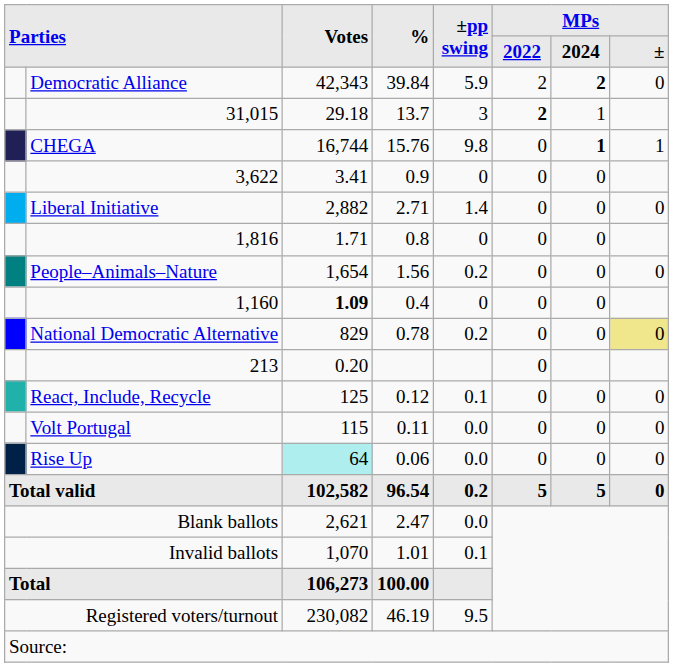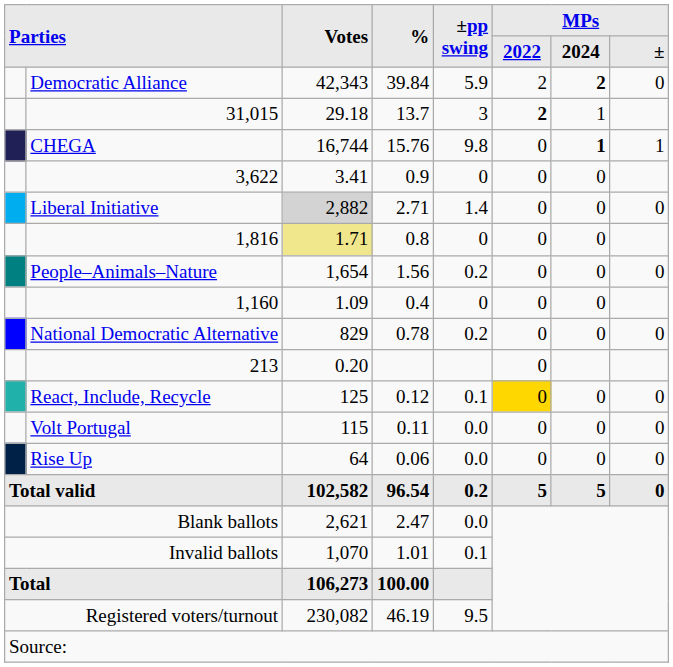 <table class="wikitable" style="text-align:right; font-size:95%;">
 <tr>
 <th rowspan="2" colspan="2" style="background:#e9e9e9; text-align:left;" alignleft><a href='#'>Parties</a></th>
 <th rowspan="2" style="background:#e9e9e9; text-align:right;">Votes</th>
 <th rowspan="2" style="background:#e9e9e9; text-align:right;">%</th>
 <th rowspan="2" style="background:#e9e9e9; text-align:right;">±<a href='#'>pp</a> <a href='#'>swing</a></th>
 <th colspan="3" style="background:#e9e9e9; text-align:center;"><a href='#'>MPs</a></th>
 </tr>
 <tr style="background-color:#E9E9E9">
 <th style="background-color:#E9E9E9;text-align:center;"><a href='#'>2022</a></th>
 <th style="background-color:#E9E9E9;text-align:center;">2024</th>
 <th style="background:#e9e9e9; text-align:right;">±</th>
 </tr>
 <tr>
 <td style="width: 10px"></td>
 <td align="left"><a href='#'>Democratic Alliance</a> </td>
 <td>42,343</td>
 <td>39.84</td>
 <td>5.9</td>
 <td>2</td>
 <td><strong>2</strong></td>
 <td>0</td>
 </tr>
 <tr>
 <td></td>
 <td>31,015</td>
 <td>29.18</td>
 <td>13.7</td>
 <td>3</td>
 <td><strong>2</strong></td>
 <td>1</td>
 </tr>
 <tr>
 <td style="width: 10px" bgcolor="#202056" align="center"></td>
 <td align="left"><a href='#'>CHEGA</a></td>
 <td>16,744</td>
 <td>15.76</td>
 <td>9.8</td>
 <td>0</td>
 <td><strong>1</strong></td>
 <td>1</td>
 </tr>
 <tr>
 <td></td>
 <td>3,622</td>
 <td>3.41</td>
 <td>0.9</td>
 <td>0</td>
 <td>0</td>
 <td>0</td>
 </tr>
 <tr>
 <td style="width: 10px" bgcolor="#00ADEF" align="center"></td>
 <td align="left"><a href='#'>Liberal Initiative</a></td>
-<td>2,882</td>
+<td style="background: lightgrey;">2,882</td>
 <td>2.71</td>
 <td>1.4</td>
 <td>0</td>
 <td>0</td>
 <td>0</td>
 </tr>
 <tr>
 <td></td>
 <td>1,816</td>
-<td>1.71</td>
+<td style="background: khaki;">1.71</td>
 <td>0.8</td>
 <td>0</td>
 <td>0</td>
 <td>0</td>
 </tr>
 <tr>
 <td style="width: 10px" bgcolor="teal" align="center"></td>
 <td align="left"><a href='#'>People–Animals–Nature</a></td>
 <td>1,654</td>
 <td>1.56</td>
 <td>0.2</td>
 <td>0</td>
 <td>0</td>
 <td>0</td>
 </tr>
 <tr>
 <td></td>
 <td>1,160</td>
-<td><strong>1.09</strong></td>
+<td>1.09</td>
 <td>0.4</td>
 <td>0</td>
 <td>0</td>
 <td>0</td>
 </tr>
 <tr>
 <td style="width: 10px" bgcolor="blue" align="center"></td>
 <td align="left"><a href='#'>National Democratic Alternative</a></td>
 <td>829</td>
 <td>0.78</td>
 <td>0.2</td>
 <td>0</td>
 <td>0</td>
-<td style="background: khaki;">0</td>
+<td>0</td>
 </tr>
 <tr>
 <td></td>
 <td>213</td>
 <td>0.20</td>
 <td></td>
 <td></td>
 <td>0</td>
 <td></td>
 </tr>
 <tr>
 <td style="width: 10px" bgcolor="LightSeaGreen" align="center"></td>
 <td align="left"><a href='#'>React, Include, Recycle</a></td>
 <td>125</td>
 <td>0.12</td>
 <td>0.1</td>
-<td>0</td>
+<td style="background: gold;">0</td>
 <td>0</td>
 <td>0</td>
 </tr>
 <tr>
 <td style="width: 10px"></td>
 <td align="left"><a href='#'>Volt Portugal</a></td>
 <td>115</td>
 <td>0.11</td>
 <td>0.0</td>
 <td>0</td>
 <td>0</td>
 <td>0</td>
 </tr>
 <tr>
 <td style="width: 10px" bgcolor="#002147" align="center"></td>
 <td align="left"><a href='#'>Rise Up</a></td>
-<td style="background: paleturquoise;">64</td>
+<td>64</td>
 <td>0.06</td>
 <td>0.0</td>
 <td>0</td>
 <td>0</td>
 <td>0</td>
 </tr>
 <tr>
 <td colspan=2 align=left style="background-color:#E9E9E9"><strong>Total valid</strong></td>
 <td width="65" align="right" style="background-color:#E9E9E9"><strong>102,582</strong></td>
 <td width="40" align="right" style="background-color:#E9E9E9"><strong>96.54</strong></td>
 <td width="40" align="right" style="background-color:#E9E9E9"><strong>0.2</strong></td>
 <td width="40" align="right" style="background-color:#E9E9E9"><strong>5</strong></td>
 <td width="40" align="right" style="background-color:#E9E9E9"><strong>5</strong></td>
 <td width="40" align="right" style="background-color:#E9E9E9"><strong>0</strong></td>
 </tr>
 <tr>
 <td colspan=2>Blank ballots</td>
 <td>2,621</td>
 <td>2.47</td>
 <td>0.0</td>
 <td colspan=3 rowspan=4></td>
 </tr>
 <tr>
 <td colspan=2>Invalid ballots</td>
 <td>1,070</td>
 <td>1.01</td>
 <td>0.1</td>
 </tr>
 <tr>
 <td colspan=2 align=left style="background-color:#E9E9E9"><strong>Total</strong></td>
 <td width="50" align="right" style="background-color:#E9E9E9"><strong>106,273</strong></td>
 <td width="40" align="right" style="background-color:#E9E9E9"><strong>100.00</strong></td>
 <td width="40" align="right" style="background-color:#E9E9E9"></td>
 </tr>
 <tr>
 <td colspan=2>Registered voters/turnout</td>
 <td>230,082</td>
 <td>46.19</td>
 <td>9.5</td>
 </tr>
 <tr>
 <td colspan=8 align=left>Source: </td>
 </tr>
 </table>
